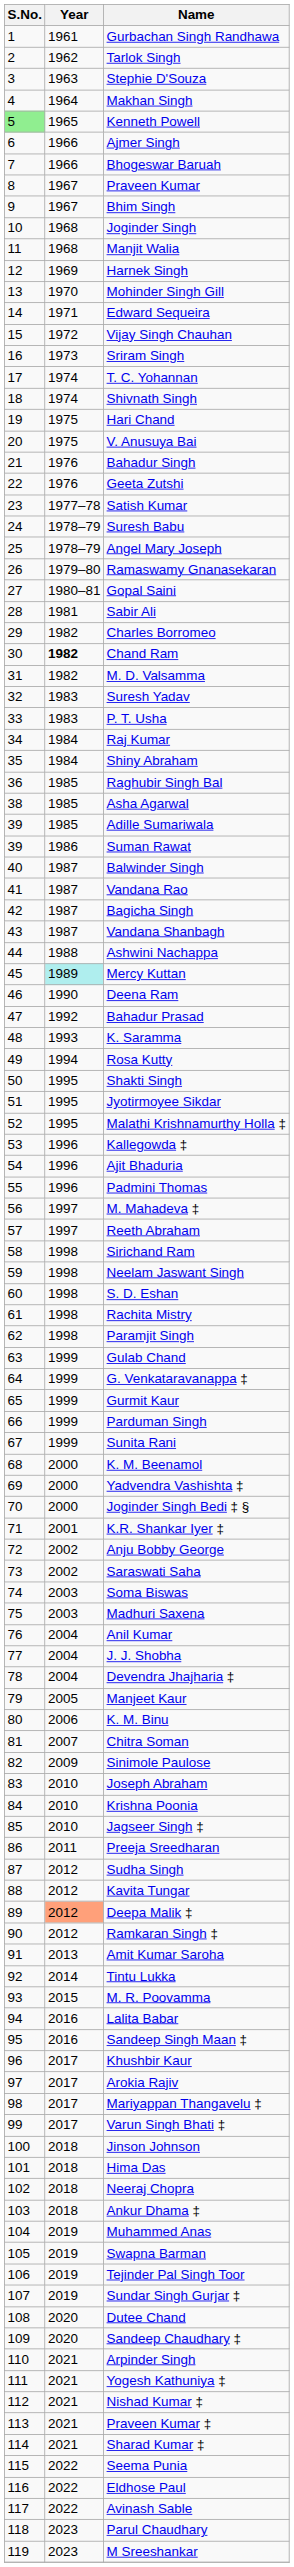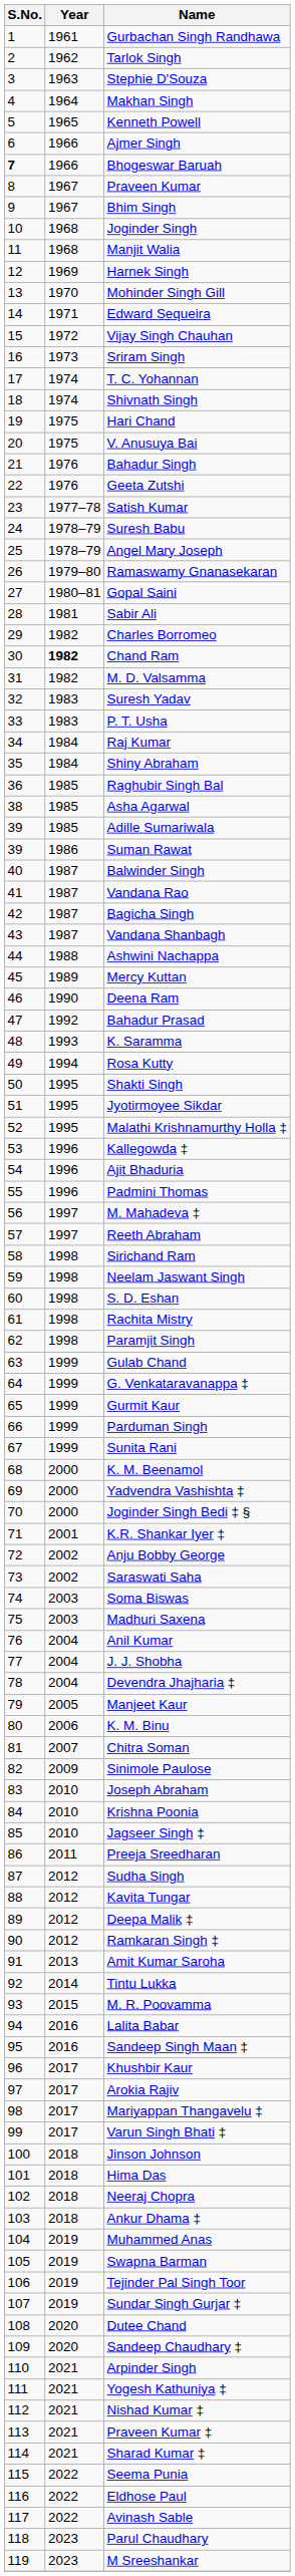 <table class="wikitable sortable">
 <tr>
 <th>S.No.</th>
 <th>Year</th>
 <th>Name</th>
 </tr>
 <tr>
 <td>1</td>
 <td>1961</td>
 <td><a href='#'>Gurbachan Singh Randhawa</a></td>
 </tr>
 <tr style="">
 <td>2</td>
 <td>1962</td>
 <td><a href='#'>Tarlok Singh</a></td>
 </tr>
 <tr style="">
 <td>3</td>
 <td>1963</td>
 <td><a href='#'>Stephie D'Souza</a></td>
 </tr>
 <tr style="">
 <td>4</td>
 <td>1964</td>
 <td><a href='#'>Makhan Singh</a></td>
 </tr>
 <tr style="">
-<td style="background: lightgreen;">5</td>
+<td>5</td>
 <td>1965</td>
 <td><a href='#'>Kenneth Powell</a></td>
 </tr>
 <tr style="">
 <td>6</td>
 <td>1966</td>
 <td><a href='#'>Ajmer Singh</a></td>
 </tr>
 <tr style="">
-<td>7</td>
+<td><strong>7</strong></td>
 <td>1966</td>
 <td><a href='#'>Bhogeswar Baruah</a></td>
 </tr>
 <tr style="">
 <td>8</td>
 <td>1967</td>
 <td><a href='#'>Praveen Kumar</a></td>
 </tr>
 <tr style="">
 <td>9</td>
 <td>1967</td>
 <td><a href='#'>Bhim Singh</a></td>
 </tr>
 <tr style="">
 <td>10</td>
 <td>1968</td>
 <td><a href='#'>Joginder Singh</a></td>
 </tr>
 <tr style="">
 <td>11</td>
 <td>1968</td>
 <td><a href='#'>Manjit Walia</a></td>
 </tr>
 <tr style="">
 <td>12</td>
 <td>1969</td>
 <td><a href='#'>Harnek Singh</a></td>
 </tr>
 <tr style="">
 <td>13</td>
 <td>1970</td>
 <td><a href='#'>Mohinder Singh Gill</a></td>
 </tr>
 <tr>
 <td>14</td>
 <td>1971</td>
 <td><a href='#'>Edward Sequeira</a></td>
 </tr>
 <tr>
 <td>15</td>
 <td>1972</td>
 <td><a href='#'>Vijay Singh Chauhan</a></td>
 </tr>
 <tr>
 <td>16</td>
 <td>1973</td>
 <td><a href='#'>Sriram Singh</a></td>
 </tr>
 <tr>
 <td>17</td>
 <td>1974</td>
 <td><a href='#'>T. C. Yohannan</a></td>
 </tr>
 <tr>
 <td>18</td>
 <td>1974</td>
 <td><a href='#'>Shivnath Singh</a></td>
 </tr>
 <tr>
 <td>19</td>
 <td>1975</td>
 <td><a href='#'>Hari Chand</a></td>
 </tr>
 <tr>
 <td>20</td>
 <td>1975</td>
 <td><a href='#'>V. Anusuya Bai</a></td>
 </tr>
 <tr>
 <td>21</td>
 <td>1976</td>
 <td><a href='#'>Bahadur Singh</a></td>
 </tr>
 <tr>
 <td>22</td>
 <td>1976</td>
 <td><a href='#'>Geeta Zutshi</a></td>
 </tr>
 <tr>
 <td>23</td>
 <td>1977–78</td>
 <td><a href='#'>Satish Kumar</a></td>
 </tr>
 <tr>
 <td>24</td>
 <td>1978–79</td>
 <td><a href='#'>Suresh Babu</a></td>
 </tr>
 <tr>
 <td>25</td>
 <td>1978–79</td>
 <td><a href='#'>Angel Mary Joseph</a></td>
 </tr>
 <tr>
 <td>26</td>
 <td>1979–80</td>
 <td><a href='#'>Ramaswamy Gnanasekaran</a></td>
 </tr>
 <tr>
 <td>27</td>
 <td>1980–81</td>
 <td><a href='#'>Gopal Saini</a></td>
 </tr>
 <tr>
 <td>28</td>
 <td>1981</td>
 <td><a href='#'>Sabir Ali</a></td>
 </tr>
 <tr>
 <td>29</td>
 <td>1982</td>
 <td><a href='#'>Charles Borromeo</a></td>
 </tr>
 <tr>
 <td>30</td>
 <td><strong>1982</strong></td>
 <td><a href='#'>Chand Ram</a></td>
 </tr>
 <tr>
 <td>31</td>
 <td>1982</td>
 <td><a href='#'>M. D. Valsamma</a></td>
 </tr>
 <tr>
 <td>32</td>
 <td>1983</td>
 <td><a href='#'>Suresh Yadav</a></td>
 </tr>
 <tr>
 <td>33</td>
 <td>1983</td>
 <td><a href='#'>P. T. Usha</a></td>
 </tr>
 <tr>
 <td>34</td>
 <td>1984</td>
 <td><a href='#'>Raj Kumar</a></td>
 </tr>
 <tr>
 <td>35</td>
 <td>1984</td>
 <td><a href='#'>Shiny Abraham</a></td>
 </tr>
 <tr>
 <td>36</td>
 <td>1985</td>
 <td><a href='#'>Raghubir Singh Bal</a></td>
 </tr>
 <tr>
 <td>38</td>
 <td>1985</td>
 <td><a href='#'>Asha Agarwal</a></td>
 </tr>
 <tr>
 <td>39</td>
 <td>1985</td>
 <td><a href='#'>Adille Sumariwala</a></td>
 </tr>
 <tr>
 <td>39</td>
 <td>1986</td>
 <td><a href='#'>Suman Rawat</a></td>
 </tr>
 <tr>
 <td>40</td>
 <td>1987</td>
 <td><a href='#'>Balwinder Singh</a></td>
 </tr>
 <tr>
 <td>41</td>
 <td>1987</td>
 <td><a href='#'>Vandana Rao</a></td>
 </tr>
 <tr>
 <td>42</td>
 <td>1987</td>
 <td><a href='#'>Bagicha Singh</a></td>
 </tr>
 <tr>
 <td>43</td>
 <td>1987</td>
 <td><a href='#'>Vandana Shanbagh</a></td>
 </tr>
 <tr>
 <td>44</td>
 <td>1988</td>
 <td><a href='#'>Ashwini Nachappa</a></td>
 </tr>
 <tr>
 <td>45</td>
-<td style="background: paleturquoise;">1989</td>
+<td>1989</td>
 <td><a href='#'>Mercy Kuttan</a></td>
 </tr>
 <tr>
 <td>46</td>
 <td>1990</td>
 <td><a href='#'>Deena Ram</a></td>
 </tr>
 <tr>
 <td>47</td>
 <td>1992</td>
 <td><a href='#'>Bahadur Prasad</a></td>
 </tr>
 <tr>
 <td>48</td>
 <td>1993</td>
 <td><a href='#'>K. Saramma</a></td>
 </tr>
 <tr>
 <td>49</td>
 <td>1994</td>
 <td><a href='#'>Rosa Kutty</a></td>
 </tr>
 <tr>
 <td>50</td>
 <td>1995</td>
 <td><a href='#'>Shakti Singh</a></td>
 </tr>
 <tr>
 <td>51</td>
 <td>1995</td>
 <td><a href='#'>Jyotirmoyee Sikdar</a></td>
 </tr>
 <tr>
 <td>52</td>
 <td>1995</td>
 <td><a href='#'>Malathi Krishnamurthy Holla</a> ‡</td>
 </tr>
 <tr>
 <td>53</td>
 <td>1996</td>
 <td><a href='#'>Kallegowda</a> ‡</td>
 </tr>
 <tr>
 <td>54</td>
 <td>1996</td>
 <td><a href='#'>Ajit Bhaduria</a></td>
 </tr>
 <tr>
 <td>55</td>
 <td>1996</td>
 <td><a href='#'>Padmini Thomas</a></td>
 </tr>
 <tr>
 <td>56</td>
 <td>1997</td>
 <td><a href='#'>M. Mahadeva</a> ‡</td>
 </tr>
 <tr>
 <td>57</td>
 <td>1997</td>
 <td><a href='#'>Reeth Abraham</a></td>
 </tr>
 <tr>
 <td>58</td>
 <td>1998</td>
 <td><a href='#'>Sirichand Ram</a></td>
 </tr>
 <tr>
 <td>59</td>
 <td>1998</td>
 <td><a href='#'>Neelam Jaswant Singh</a></td>
 </tr>
 <tr>
 <td>60</td>
 <td>1998</td>
 <td><a href='#'>S. D. Eshan</a></td>
 </tr>
 <tr>
 <td>61</td>
 <td>1998</td>
 <td><a href='#'>Rachita Mistry</a></td>
 </tr>
 <tr>
 <td>62</td>
 <td>1998</td>
 <td><a href='#'>Paramjit Singh</a></td>
 </tr>
 <tr>
 <td>63</td>
 <td>1999</td>
 <td><a href='#'>Gulab Chand</a></td>
 </tr>
 <tr>
 <td>64</td>
 <td>1999</td>
 <td><a href='#'>G. Venkataravanappa</a> ‡</td>
 </tr>
 <tr>
 <td>65</td>
 <td>1999</td>
 <td><a href='#'>Gurmit Kaur</a></td>
 </tr>
 <tr>
 <td>66</td>
 <td>1999</td>
 <td><a href='#'>Parduman Singh</a></td>
 </tr>
 <tr>
 <td>67</td>
 <td>1999</td>
 <td><a href='#'>Sunita Rani</a></td>
 </tr>
 <tr>
 <td>68</td>
 <td>2000</td>
 <td><a href='#'>K. M. Beenamol</a></td>
 </tr>
 <tr>
 <td>69</td>
 <td>2000</td>
 <td><a href='#'>Yadvendra Vashishta</a> ‡</td>
 </tr>
 <tr>
 <td>70</td>
 <td>2000</td>
 <td><a href='#'>Joginder Singh Bedi</a> ‡ §</td>
 </tr>
 <tr>
 <td>71</td>
 <td>2001</td>
 <td><a href='#'>K.R. Shankar Iyer</a> ‡</td>
 </tr>
 <tr>
 <td>72</td>
 <td>2002</td>
 <td><a href='#'>Anju Bobby George</a></td>
 </tr>
 <tr>
 <td>73</td>
 <td>2002</td>
 <td><a href='#'>Saraswati Saha</a></td>
 </tr>
 <tr>
 <td>74</td>
 <td>2003</td>
 <td><a href='#'>Soma Biswas</a></td>
 </tr>
 <tr>
 <td>75</td>
 <td>2003</td>
 <td><a href='#'>Madhuri Saxena</a></td>
 </tr>
 <tr>
 <td>76</td>
 <td>2004</td>
 <td><a href='#'>Anil Kumar</a></td>
 </tr>
 <tr>
 <td>77</td>
 <td>2004</td>
 <td><a href='#'>J. J. Shobha</a></td>
 </tr>
 <tr>
 <td>78</td>
 <td>2004</td>
 <td><a href='#'>Devendra Jhajharia</a> ‡</td>
 </tr>
 <tr>
 <td>79</td>
 <td>2005</td>
 <td><a href='#'>Manjeet Kaur</a></td>
 </tr>
 <tr>
 <td>80</td>
 <td>2006</td>
 <td><a href='#'>K. M. Binu</a></td>
 </tr>
 <tr>
 <td>81</td>
 <td>2007</td>
 <td><a href='#'>Chitra Soman</a></td>
 </tr>
 <tr>
 <td>82</td>
 <td>2009</td>
 <td><a href='#'>Sinimole Paulose</a></td>
 </tr>
 <tr>
 <td>83</td>
 <td>2010</td>
 <td><a href='#'>Joseph Abraham</a></td>
 </tr>
 <tr>
 <td>84</td>
 <td>2010</td>
 <td><a href='#'>Krishna Poonia</a></td>
 </tr>
 <tr>
 <td>85</td>
 <td>2010</td>
 <td><a href='#'>Jagseer Singh</a> ‡</td>
 </tr>
 <tr>
 <td>86</td>
 <td>2011</td>
 <td><a href='#'>Preeja Sreedharan</a></td>
 </tr>
 <tr>
 <td>87</td>
 <td>2012</td>
 <td><a href='#'>Sudha Singh</a></td>
 </tr>
 <tr>
 <td>88</td>
 <td>2012</td>
 <td><a href='#'>Kavita Tungar</a></td>
 </tr>
 <tr>
 <td>89</td>
-<td style="background: lightsalmon;">2012</td>
+<td>2012</td>
 <td><a href='#'>Deepa Malik</a> ‡</td>
 </tr>
 <tr>
 <td>90</td>
 <td>2012</td>
 <td><a href='#'>Ramkaran Singh</a> ‡</td>
 </tr>
 <tr>
 <td>91</td>
 <td>2013</td>
 <td><a href='#'>Amit Kumar Saroha</a></td>
 </tr>
 <tr>
 <td>92</td>
 <td>2014</td>
 <td><a href='#'>Tintu Lukka</a></td>
 </tr>
 <tr>
 <td>93</td>
 <td>2015</td>
 <td><a href='#'>M. R. Poovamma</a></td>
 </tr>
 <tr style="">
 <td>94</td>
 <td>2016</td>
 <td><a href='#'>Lalita Babar</a></td>
 </tr>
 <tr>
 <td>95</td>
 <td>2016</td>
 <td><a href='#'>Sandeep Singh Maan</a> ‡</td>
 </tr>
 <tr>
 <td>96</td>
 <td>2017</td>
 <td><a href='#'>Khushbir Kaur</a></td>
 </tr>
 <tr>
 <td>97</td>
 <td>2017</td>
 <td><a href='#'>Arokia Rajiv</a></td>
 </tr>
 <tr>
 <td>98</td>
 <td>2017</td>
 <td><a href='#'>Mariyappan Thangavelu</a> ‡</td>
 </tr>
 <tr>
 <td>99</td>
 <td>2017</td>
 <td><a href='#'>Varun Singh Bhati</a> ‡</td>
 </tr>
 <tr>
 <td>100</td>
 <td>2018</td>
 <td><a href='#'>Jinson Johnson</a></td>
 </tr>
 <tr>
 <td>101</td>
 <td>2018</td>
 <td><a href='#'>Hima Das</a></td>
 </tr>
 <tr>
 <td>102</td>
 <td>2018</td>
 <td><a href='#'>Neeraj Chopra</a></td>
 </tr>
 <tr>
 <td>103</td>
 <td>2018</td>
 <td><a href='#'>Ankur Dhama</a> ‡</td>
 </tr>
 <tr>
 <td>104</td>
 <td>2019</td>
 <td><a href='#'>Muhammed Anas</a></td>
 </tr>
 <tr>
 <td>105</td>
 <td>2019</td>
 <td><a href='#'>Swapna Barman</a></td>
 </tr>
 <tr>
 <td>106</td>
 <td>2019</td>
 <td><a href='#'>Tejinder Pal Singh Toor</a></td>
 </tr>
 <tr>
 <td>107</td>
 <td>2019</td>
 <td><a href='#'>Sundar Singh Gurjar</a> ‡</td>
 </tr>
 <tr>
 <td>108</td>
 <td>2020</td>
 <td><a href='#'>Dutee Chand</a></td>
 </tr>
 <tr>
 <td>109</td>
 <td>2020</td>
 <td><a href='#'>Sandeep Chaudhary</a> ‡</td>
 </tr>
 <tr>
 <td>110</td>
 <td>2021</td>
 <td><a href='#'>Arpinder Singh</a></td>
 </tr>
 <tr>
 <td>111</td>
 <td>2021</td>
 <td><a href='#'>Yogesh Kathuniya</a> ‡</td>
 </tr>
 <tr>
 <td>112</td>
 <td>2021</td>
 <td><a href='#'>Nishad Kumar</a> ‡</td>
 </tr>
 <tr>
 <td>113</td>
 <td>2021</td>
 <td><a href='#'>Praveen Kumar</a> ‡</td>
 </tr>
 <tr>
 <td>114</td>
 <td>2021</td>
 <td><a href='#'>Sharad Kumar</a> ‡</td>
 </tr>
 <tr>
 <td>115</td>
 <td>2022</td>
 <td><a href='#'>Seema Punia</a></td>
 </tr>
 <tr>
 <td>116</td>
 <td>2022</td>
 <td><a href='#'>Eldhose Paul</a></td>
 </tr>
 <tr>
 <td>117</td>
 <td>2022</td>
 <td><a href='#'>Avinash Sable</a></td>
 </tr>
 <tr>
 <td>118</td>
 <td>2023</td>
 <td><a href='#'>Parul Chaudhary</a></td>
 </tr>
 <tr>
 <td>119</td>
 <td>2023</td>
 <td><a href='#'>M Sreeshankar</a></td>
 </tr>
 <tr>
 </tr>
 </table>
